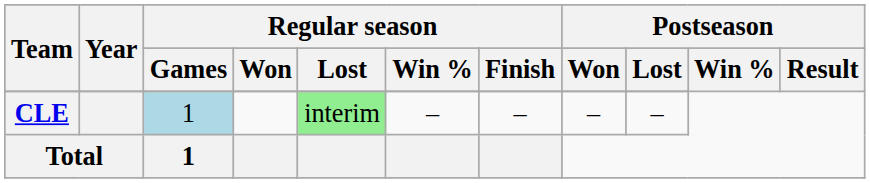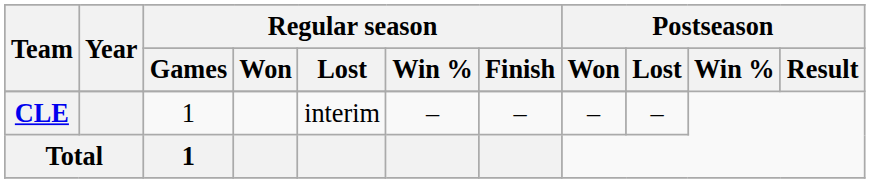 <table class="wikitable" style="font-size: 95%; text-align:center;">
 <tr>
 <th rowspan="2">Team</th>
 <th rowspan="2">Year</th>
 <th colspan="5">Regular season</th>
 <th colspan="4">Postseason</th>
 </tr>
 <tr>
 <th>Games</th>
 <th>Won</th>
 <th>Lost</th>
 <th>Win %</th>
 <th>Finish</th>
 <th>Won</th>
 <th>Lost</th>
 <th>Win %</th>
 <th>Result</th>
 </tr>
 <tr>
 </tr>
 <tr>
 <th><a href='#'>CLE</a></th>
 <th></th>
-<td style="background: lightblue;">1</td>
+<td>1</td>
 <td></td>
-<td style="background: lightgreen;">interim</td>
+<td>interim</td>
 <td>–</td>
 <td>–</td>
 <td>–</td>
 <td>–</td>
 </tr>
 <tr>
 <th colspan="2">Total</th>
 <th>1</th>
 <th></th>
 <th></th>
 <th></th>
 <th></th>
 </tr>
 </table>
